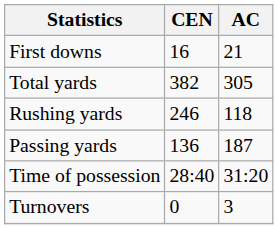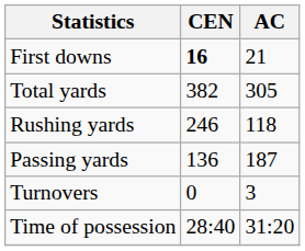 <table class="wikitable">
 <tr>
 <th>Statistics</th>
 <th>CEN</th>
 <th>AC</th>
 </tr>
 <tr>
 <td>First downs</td>
-<td>16</td>
+<td><strong>16</strong></td>
 <td>21</td>
 </tr>
 <tr>
 <td>Total yards</td>
 <td>382</td>
 <td>305</td>
 </tr>
 <tr>
 <td>Rushing yards</td>
 <td>246</td>
 <td>118</td>
 </tr>
 <tr>
 <td>Passing yards</td>
 <td>136</td>
 <td>187</td>
 </tr>
 <tr>
+<td>Turnovers</td>
+<td>0</td>
+<td>3</td>
+</tr>
+<tr>
 <td>Time of possession</td>
 <td>28:40</td>
 <td>31:20</td>
 </tr>
 <tr>
-<td>Turnovers</td>
-<td>0</td>
-<td>3</td>
-</tr>
-<tr>
 </tr>
 </table>
